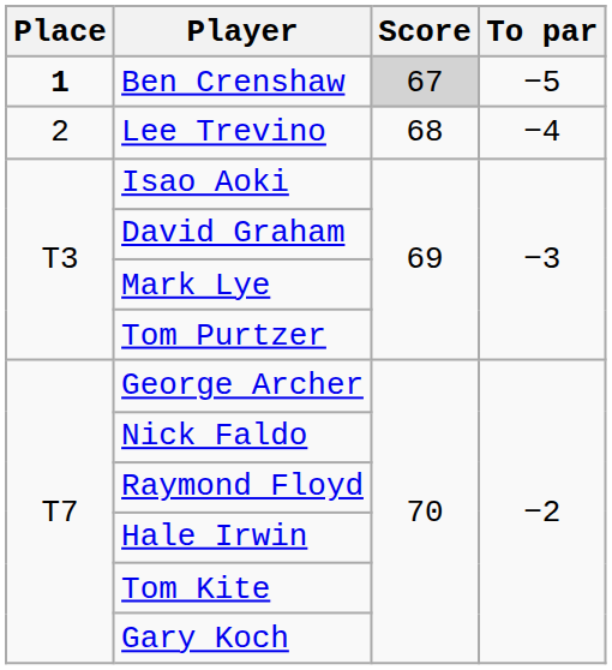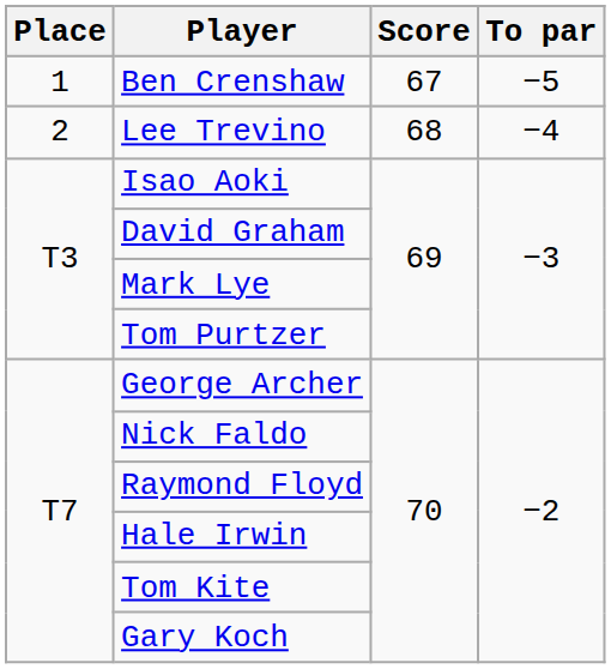 <table class="wikitable">
 <tr>
 <th>Place</th>
 <th>Player</th>
 <th>Score</th>
 <th>To par</th>
 </tr>
 <tr>
-<td align="center"><strong>1</strong></td>
+<td align="center">1</td>
 <td> <a href='#'>Ben Crenshaw</a></td>
-<td align="center" style="background: lightgrey;">67</td>
+<td align="center">67</td>
 <td align="center">−5</td>
 </tr>
 <tr>
 <td align="center">2</td>
 <td> <a href='#'>Lee Trevino</a></td>
 <td align="center">68</td>
 <td align="center">−4</td>
 </tr>
 <tr>
 <td rowspan=4 align="center">T3</td>
 <td> <a href='#'>Isao Aoki</a></td>
 <td rowspan=4 align="center">69</td>
 <td rowspan=4 align="center">−3</td>
 </tr>
 <tr>
 <td> <a href='#'>David Graham</a></td>
 </tr>
 <tr>
 <td> <a href='#'>Mark Lye</a></td>
 </tr>
 <tr>
 <td> <a href='#'>Tom Purtzer</a></td>
 </tr>
 <tr>
 <td rowspan=6 align="center">T7</td>
 <td> <a href='#'>George Archer</a></td>
 <td rowspan=6 align="center">70</td>
 <td rowspan=6 align="center">−2</td>
 </tr>
 <tr>
 <td> <a href='#'>Nick Faldo</a></td>
 </tr>
 <tr>
 <td> <a href='#'>Raymond Floyd</a></td>
 </tr>
 <tr>
 <td> <a href='#'>Hale Irwin</a></td>
 </tr>
 <tr>
 <td> <a href='#'>Tom Kite</a></td>
 </tr>
 <tr>
 <td> <a href='#'>Gary Koch</a></td>
 </tr>
 </table>
